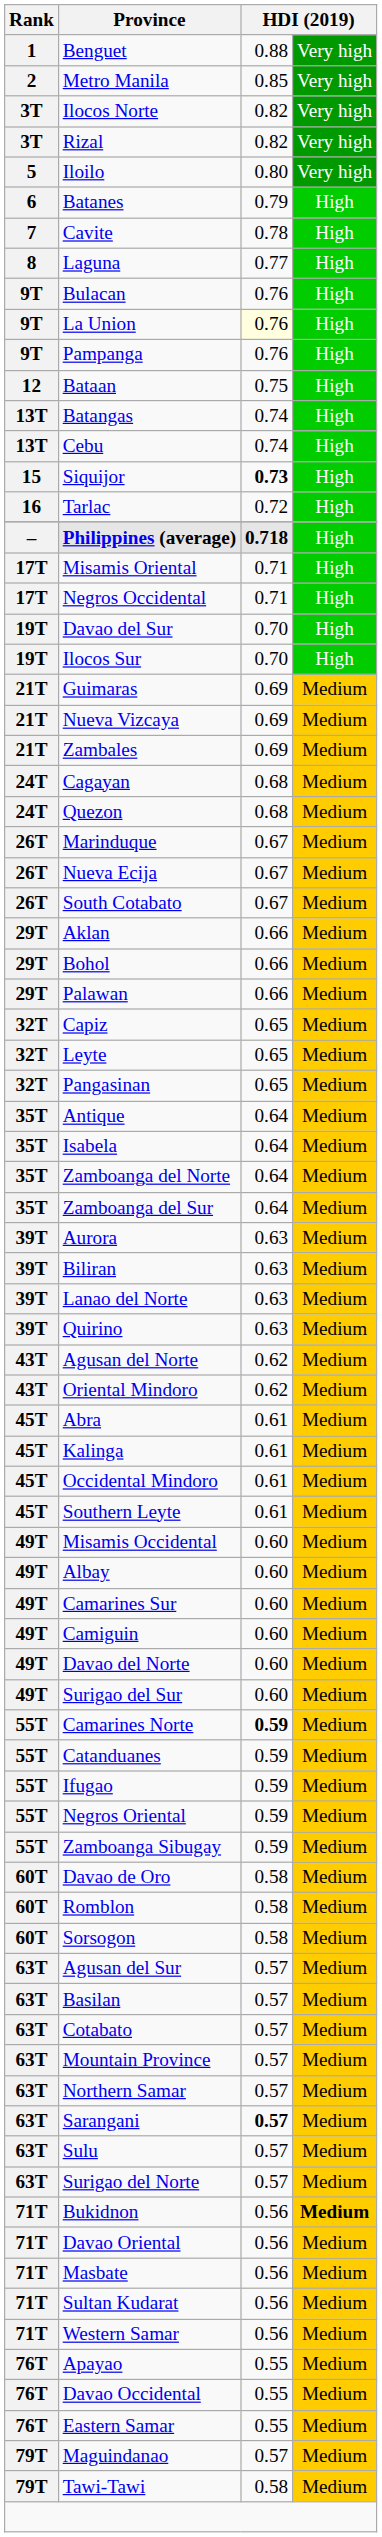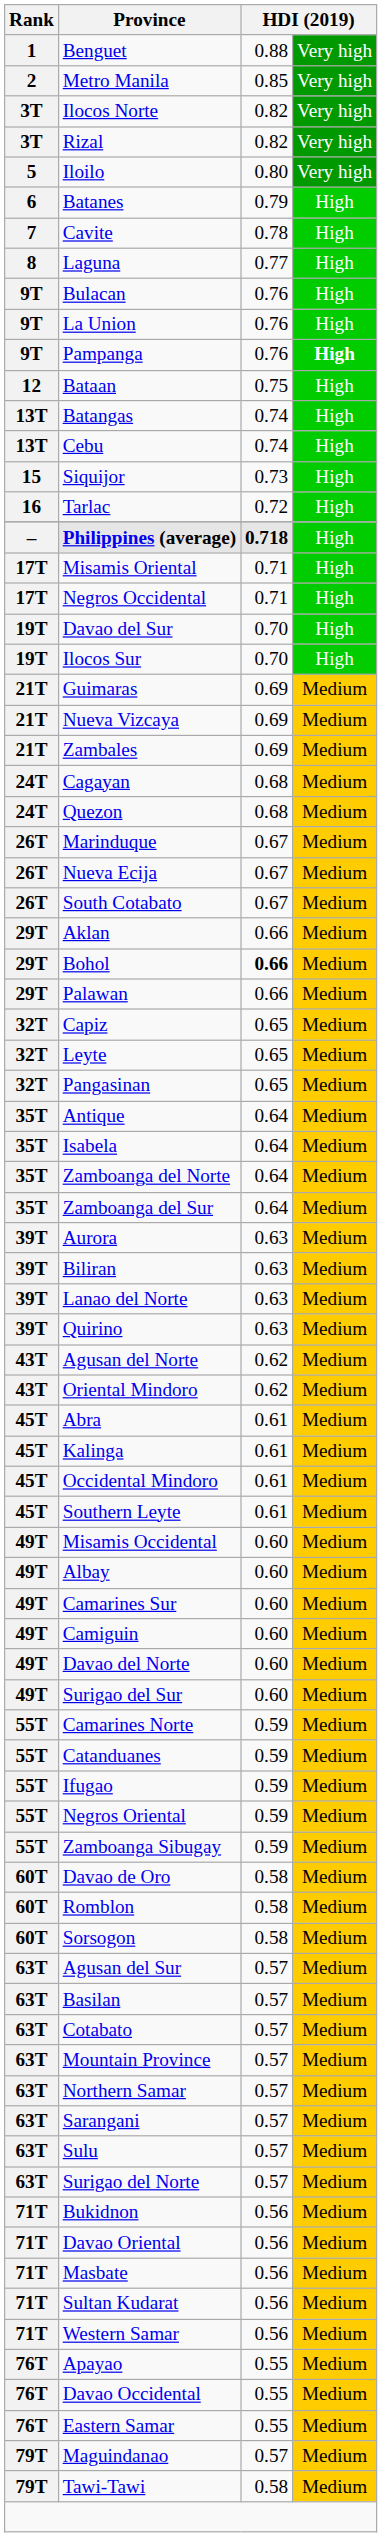 <table class="wikitable sortable mw-datatable">
 <tr>
 <th scope="col">Rank</th>
 <th scope="col">Province</th>
 <th scope="col" colspan="2">HDI (2019)</th>
 </tr>
 <tr>
 <th scope="row">1</th>
 <td><a href='#'>Benguet</a></td>
 <td style="text-align:right;">0.88</td>
 <td style="text-align:center; background-color:#090; color:#fff;">Very high</td>
 </tr>
 <tr>
 <th scope="row">2</th>
 <td><a href='#'>Metro Manila</a></td>
 <td style="text-align:right;">0.85</td>
 <td style="text-align:center; background-color:#090; color:#fff;">Very high</td>
 </tr>
 <tr>
 <th scope="row">3T</th>
 <td><a href='#'>Ilocos Norte</a></td>
 <td style="text-align:right;">0.82</td>
 <td style="text-align:center; background-color:#090; color:#fff;">Very high</td>
 </tr>
 <tr>
 <th scope="row">3T</th>
 <td><a href='#'>Rizal</a></td>
 <td style="text-align:right;">0.82</td>
 <td style="text-align:center; background-color:#090; color:#fff;">Very high</td>
 </tr>
 <tr>
 <th scope="row">5</th>
 <td><a href='#'>Iloilo</a></td>
 <td style="text-align:right;">0.80</td>
 <td style="text-align:center; background-color:#090; color:#fff;">Very high</td>
 </tr>
 <tr>
 <th scope="row">6</th>
 <td><a href='#'>Batanes</a></td>
 <td style="text-align:right;">0.79</td>
 <td style="text-align:center; background-color:#0c0; color:#fff;">High</td>
 </tr>
 <tr>
 <th scope="row">7</th>
 <td><a href='#'>Cavite</a></td>
 <td style="text-align:right;">0.78</td>
 <td style="text-align:center; background-color:#0c0; color:#fff;">High</td>
 </tr>
 <tr>
 <th scope="row">8</th>
 <td><a href='#'>Laguna</a></td>
 <td style="text-align:right;">0.77</td>
 <td style="text-align:center; background-color:#0c0; color:#fff;">High</td>
 </tr>
 <tr>
 <th scope="row">9T</th>
 <td><a href='#'>Bulacan</a></td>
 <td style="text-align:right;">0.76</td>
 <td style="text-align:center; background-color:#0c0; color:#fff;">High</td>
 </tr>
 <tr>
 <th scope="row">9T</th>
 <td><a href='#'>La Union</a></td>
-<td style="background: lightyellow; text-align:right;">0.76</td>
+<td style="text-align:right;">0.76</td>
 <td style="text-align:center; background-color:#0c0; color:#fff;">High</td>
 </tr>
 <tr>
 <th scope="row">9T</th>
 <td><a href='#'>Pampanga</a></td>
 <td style="text-align:right;">0.76</td>
-<td style="text-align:center; background-color:#0c0; color:#fff;">High</td>
+<td style="text-align:center; background-color:#0c0; color:#fff;"><strong>High</strong></td>
 </tr>
 <tr>
 <th scope="row">12</th>
 <td><a href='#'>Bataan</a></td>
 <td style="text-align:right;">0.75</td>
 <td style="text-align:center; background-color:#0c0; color:#fff;">High</td>
 </tr>
 <tr>
 <th scope="row">13T</th>
 <td><a href='#'>Batangas</a></td>
 <td style="text-align:right;">0.74</td>
 <td style="text-align:center; background-color:#0c0; color:#fff;">High</td>
 </tr>
 <tr>
 <th scope="row">13T</th>
 <td><a href='#'>Cebu</a></td>
 <td style="text-align:right;">0.74</td>
 <td style="text-align:center; background-color:#0c0; color:#fff;">High</td>
 </tr>
 <tr>
 <th scope="row">15</th>
 <td><a href='#'>Siquijor</a></td>
-<td style="text-align:right;"><strong>0.73</strong></td>
+<td style="text-align:right;">0.73</td>
 <td style="text-align:center; background-color:#0c0; color:#fff;">High</td>
 </tr>
 <tr>
 <th scope="row">16</th>
 <td><a href='#'>Tarlac</a></td>
 <td style="text-align:right;">0.72</td>
 <td style="text-align:center; background-color:#0c0; color:#fff;">High</td>
 </tr>
 <tr>
 </tr>
 <tr style="background:#e6e6e6">
 <th scope="row">–</th>
 <td><strong><a href='#'>Philippines</a> (average)</strong></td>
 <td><strong>0.718</strong></td>
 <td style="text-align:center; background-color:#0c0; color:#fff;">High</td>
 </tr>
 <tr>
 <th scope="row">17T</th>
 <td><a href='#'>Misamis Oriental</a></td>
 <td style="text-align:right;">0.71</td>
 <td style="text-align:center; background-color:#0c0; color:#fff;">High</td>
 </tr>
 <tr>
 <th scope="row">17T</th>
 <td><a href='#'>Negros Occidental</a></td>
 <td style="text-align:right;">0.71</td>
 <td style="text-align:center; background-color:#0c0; color:#fff;">High</td>
 </tr>
 <tr>
 <th scope="row">19T</th>
 <td><a href='#'>Davao del Sur</a></td>
 <td style="text-align:right;">0.70</td>
 <td style="text-align:center; background-color:#0c0; color:#fff;">High</td>
 </tr>
 <tr>
 <th scope="row">19T</th>
 <td><a href='#'>Ilocos Sur</a></td>
 <td style="text-align:right;">0.70</td>
 <td style="text-align:center; background-color:#0c0; color:#fff;">High</td>
 </tr>
 <tr>
 <th scope="row">21T</th>
 <td><a href='#'>Guimaras</a></td>
 <td style="text-align:right;">0.69</td>
 <td style="text-align:center; background-color:#fc0;">Medium</td>
 </tr>
 <tr>
 <th scope="row">21T</th>
 <td><a href='#'>Nueva Vizcaya</a></td>
 <td style="text-align:right;">0.69</td>
 <td style="text-align:center; background-color:#fc0;">Medium</td>
 </tr>
 <tr>
 <th scope="row">21T</th>
 <td><a href='#'>Zambales</a></td>
 <td style="text-align:right;">0.69</td>
 <td style="text-align:center; background-color:#fc0;">Medium</td>
 </tr>
 <tr>
 <th scope="row">24T</th>
 <td><a href='#'>Cagayan</a></td>
 <td style="text-align:right;">0.68</td>
 <td style="text-align:center; background-color:#fc0;">Medium</td>
 </tr>
 <tr>
 <th scope="row">24T</th>
 <td><a href='#'>Quezon</a></td>
 <td style="text-align:right;">0.68</td>
 <td style="text-align:center; background-color:#fc0;">Medium</td>
 </tr>
 <tr>
 <th scope="row">26T</th>
 <td><a href='#'>Marinduque</a></td>
 <td style="text-align:right;">0.67</td>
 <td style="text-align:center; background-color:#fc0;">Medium</td>
 </tr>
 <tr>
 <th scope="row">26T</th>
 <td><a href='#'>Nueva Ecija</a></td>
 <td style="text-align:right;">0.67</td>
 <td style="text-align:center; background-color:#fc0;">Medium</td>
 </tr>
 <tr>
 <th scope="row">26T</th>
 <td><a href='#'>South Cotabato</a></td>
 <td style="text-align:right;">0.67</td>
 <td style="text-align:center; background-color:#fc0;">Medium</td>
 </tr>
 <tr>
 <th scope="row">29T</th>
 <td><a href='#'>Aklan</a></td>
 <td style="text-align:right;">0.66</td>
 <td style="text-align:center; background-color:#fc0;">Medium</td>
 </tr>
 <tr>
 <th scope="row">29T</th>
 <td><a href='#'>Bohol</a></td>
-<td style="text-align:right;">0.66</td>
+<td style="text-align:right;"><strong>0.66</strong></td>
 <td style="text-align:center; background-color:#fc0;">Medium</td>
 </tr>
 <tr>
 <th scope="row">29T</th>
 <td><a href='#'>Palawan</a></td>
 <td style="text-align:right;">0.66</td>
 <td style="text-align:center; background-color:#fc0;">Medium</td>
 </tr>
 <tr>
 <th scope="row">32T</th>
 <td><a href='#'>Capiz</a></td>
 <td style="text-align:right;">0.65</td>
 <td style="text-align:center; background-color:#fc0;">Medium</td>
 </tr>
 <tr>
 <th scope="row">32T</th>
 <td><a href='#'>Leyte</a></td>
 <td style="text-align:right;">0.65</td>
 <td style="text-align:center; background-color:#fc0;">Medium</td>
 </tr>
 <tr>
 <th scope="row">32T</th>
 <td><a href='#'>Pangasinan</a></td>
 <td style="text-align:right;">0.65</td>
 <td style="text-align:center; background-color:#fc0;">Medium</td>
 </tr>
 <tr>
 <th scope="row">35T</th>
 <td><a href='#'>Antique</a></td>
 <td style="text-align:right;">0.64</td>
 <td style="text-align:center; background-color:#fc0;">Medium</td>
 </tr>
 <tr>
 <th scope="row">35T</th>
 <td><a href='#'>Isabela</a></td>
 <td style="text-align:right;">0.64</td>
 <td style="text-align:center; background-color:#fc0;">Medium</td>
 </tr>
 <tr>
 <th scope="row">35T</th>
 <td><a href='#'>Zamboanga del Norte</a></td>
 <td style="text-align:right;">0.64</td>
 <td style="text-align:center; background-color:#fc0;">Medium</td>
 </tr>
 <tr>
 <th scope="row">35T</th>
 <td><a href='#'>Zamboanga del Sur</a></td>
 <td style="text-align:right;">0.64</td>
 <td style="text-align:center; background-color:#fc0;">Medium</td>
 </tr>
 <tr>
 <th scope="row">39T</th>
 <td><a href='#'>Aurora</a></td>
 <td style="text-align:right;">0.63</td>
 <td style="text-align:center; background-color:#fc0;">Medium</td>
 </tr>
 <tr>
 <th scope="row">39T</th>
 <td><a href='#'>Biliran</a></td>
 <td style="text-align:right;">0.63</td>
 <td style="text-align:center; background-color:#fc0;">Medium</td>
 </tr>
 <tr>
 <th scope="row">39T</th>
 <td><a href='#'>Lanao del Norte</a></td>
 <td style="text-align:right;">0.63</td>
 <td style="text-align:center; background-color:#fc0;">Medium</td>
 </tr>
 <tr>
 <th scope="row">39T</th>
 <td><a href='#'>Quirino</a></td>
 <td style="text-align:right;">0.63</td>
 <td style="text-align:center; background-color:#fc0;">Medium</td>
 </tr>
 <tr>
 <th scope="row">43T</th>
 <td><a href='#'>Agusan del Norte</a></td>
 <td style="text-align:right;">0.62</td>
 <td style="text-align:center; background-color:#fc0;">Medium</td>
 </tr>
 <tr>
 <th scope="row">43T</th>
 <td><a href='#'>Oriental Mindoro</a></td>
 <td style="text-align:right;">0.62</td>
 <td style="text-align:center; background-color:#fc0;">Medium</td>
 </tr>
 <tr>
 <th scope="row">45T</th>
 <td><a href='#'>Abra</a></td>
 <td style="text-align:right;">0.61</td>
 <td style="text-align:center; background-color:#fc0;">Medium</td>
 </tr>
 <tr>
 <th scope="row">45T</th>
 <td><a href='#'>Kalinga</a></td>
 <td style="text-align:right;">0.61</td>
 <td style="text-align:center; background-color:#fc0;">Medium</td>
 </tr>
 <tr>
 <th scope="row">45T</th>
 <td><a href='#'>Occidental Mindoro</a></td>
 <td style="text-align:right;">0.61</td>
 <td style="text-align:center; background-color:#fc0;">Medium</td>
 </tr>
 <tr>
 <th scope="row">45T</th>
 <td><a href='#'>Southern Leyte</a></td>
 <td style="text-align:right;">0.61</td>
 <td style="text-align:center; background-color:#fc0;">Medium</td>
 </tr>
 <tr>
 <th scope="row">49T</th>
 <td><a href='#'>Misamis Occidental</a></td>
 <td style="text-align:right;">0.60</td>
 <td style="text-align:center; background-color:#fc0;">Medium</td>
 </tr>
 <tr>
 <th scope="row">49T</th>
 <td><a href='#'>Albay</a></td>
 <td style="text-align:right;">0.60</td>
 <td style="text-align:center; background-color:#fc0;">Medium</td>
 </tr>
 <tr>
 <th scope="row">49T</th>
 <td><a href='#'>Camarines Sur</a></td>
 <td style="text-align:right;">0.60</td>
 <td style="text-align:center; background-color:#fc0;">Medium</td>
 </tr>
 <tr>
 <th scope="row">49T</th>
 <td><a href='#'>Camiguin</a></td>
 <td style="text-align:right;">0.60</td>
 <td style="text-align:center; background-color:#fc0;">Medium</td>
 </tr>
 <tr>
 <th scope="row">49T</th>
 <td><a href='#'>Davao del Norte</a></td>
 <td style="text-align:right;">0.60</td>
 <td style="text-align:center; background-color:#fc0;">Medium</td>
 </tr>
 <tr>
 <th scope="row">49T</th>
 <td><a href='#'>Surigao del Sur</a></td>
 <td style="text-align:right;">0.60</td>
 <td style="text-align:center; background-color:#fc0;">Medium</td>
 </tr>
 <tr>
 <th scope="row">55T</th>
 <td><a href='#'>Camarines Norte</a></td>
-<td style="text-align:right;"><strong>0.59</strong></td>
+<td style="text-align:right;">0.59</td>
 <td style="text-align:center; background-color:#fc0;">Medium</td>
 </tr>
 <tr>
 <th scope="row">55T</th>
 <td><a href='#'>Catanduanes</a></td>
 <td style="text-align:right;">0.59</td>
 <td style="text-align:center; background-color:#fc0;">Medium</td>
 </tr>
 <tr>
 <th scope="row">55T</th>
 <td><a href='#'>Ifugao</a></td>
 <td style="text-align:right;">0.59</td>
 <td style="text-align:center; background-color:#fc0;">Medium</td>
 </tr>
 <tr>
 <th scope="row">55T</th>
 <td><a href='#'>Negros Oriental</a></td>
 <td style="text-align:right;">0.59</td>
 <td style="text-align:center; background-color:#fc0;">Medium</td>
 </tr>
 <tr>
 <th scope="row">55T</th>
 <td><a href='#'>Zamboanga Sibugay</a></td>
 <td style="text-align:right;">0.59</td>
 <td style="text-align:center; background-color:#fc0;">Medium</td>
 </tr>
 <tr>
 <th scope="row">60T</th>
 <td><a href='#'>Davao de Oro</a></td>
 <td style="text-align:right;">0.58</td>
 <td style="text-align:center; background-color:#fc0;">Medium</td>
 </tr>
 <tr>
 <th scope="row">60T</th>
 <td><a href='#'>Romblon</a></td>
 <td style="text-align:right;">0.58</td>
 <td style="text-align:center; background-color:#fc0;">Medium</td>
 </tr>
 <tr>
 <th scope="row">60T</th>
 <td><a href='#'>Sorsogon</a></td>
 <td style="text-align:right;">0.58</td>
 <td style="text-align:center; background-color:#fc0;">Medium</td>
 </tr>
 <tr>
 <th scope="row">63T</th>
 <td><a href='#'>Agusan del Sur</a></td>
 <td style="text-align:right;">0.57</td>
 <td style="text-align:center; background-color:#fc0;">Medium</td>
 </tr>
 <tr>
 <th scope="row">63T</th>
 <td><a href='#'>Basilan</a></td>
 <td style="text-align:right;">0.57</td>
 <td style="text-align:center; background-color:#fc0;">Medium</td>
 </tr>
 <tr>
 <th scope="row">63T</th>
 <td><a href='#'>Cotabato</a></td>
 <td style="text-align:right;">0.57</td>
 <td style="text-align:center; background-color:#fc0;">Medium</td>
 </tr>
 <tr>
 <th scope="row">63T</th>
 <td><a href='#'>Mountain Province</a></td>
 <td style="text-align:right;">0.57</td>
 <td style="text-align:center; background-color:#fc0;">Medium</td>
 </tr>
 <tr>
 <th scope="row">63T</th>
 <td><a href='#'>Northern Samar</a></td>
 <td style="text-align:right;">0.57</td>
 <td style="text-align:center; background-color:#fc0;">Medium</td>
 </tr>
 <tr>
 <th scope="row">63T</th>
 <td><a href='#'>Sarangani</a></td>
-<td style="text-align:right;"><strong>0.57</strong></td>
+<td style="text-align:right;">0.57</td>
 <td style="text-align:center; background-color:#fc0;">Medium</td>
 </tr>
 <tr>
 <th scope="row">63T</th>
 <td><a href='#'>Sulu</a></td>
 <td style="text-align:right;">0.57</td>
 <td style="text-align:center; background-color:#fc0;">Medium</td>
 </tr>
 <tr>
 <th scope="row">63T</th>
 <td><a href='#'>Surigao del Norte</a></td>
 <td style="text-align:right;">0.57</td>
 <td style="text-align:center; background-color:#fc0;">Medium</td>
 </tr>
 <tr>
 <th scope="row">71T</th>
 <td><a href='#'>Bukidnon</a></td>
 <td style="text-align:right;">0.56</td>
-<td style="text-align:center; background-color:#fc0;"><strong>Medium</strong></td>
+<td style="text-align:center; background-color:#fc0;">Medium</td>
 </tr>
 <tr>
 <th scope="row">71T</th>
 <td><a href='#'>Davao Oriental</a></td>
 <td style="text-align:right;">0.56</td>
 <td style="text-align:center; background-color:#fc0;">Medium</td>
 </tr>
 <tr>
 <th scope="row">71T</th>
 <td><a href='#'>Masbate</a></td>
 <td style="text-align:right;">0.56</td>
 <td style="text-align:center; background-color:#fc0;">Medium</td>
 </tr>
 <tr>
 <th scope="row">71T</th>
 <td><a href='#'>Sultan Kudarat</a></td>
 <td style="text-align:right;">0.56</td>
 <td style="text-align:center; background-color:#fc0;">Medium</td>
 </tr>
 <tr>
 <th scope="row">71T</th>
 <td><a href='#'>Western Samar</a></td>
 <td style="text-align:right;">0.56</td>
 <td style="text-align:center; background-color:#fc0;">Medium</td>
 </tr>
 <tr>
 <th scope="row">76T</th>
 <td><a href='#'>Apayao</a></td>
 <td style="text-align:right;">0.55</td>
 <td style="text-align:center; background-color:#fc0;">Medium</td>
 </tr>
 <tr>
 <th scope="row">76T</th>
 <td><a href='#'>Davao Occidental</a></td>
 <td style="text-align:right;">0.55</td>
 <td style="text-align:center; background-color:#fc0;">Medium</td>
 </tr>
 <tr>
 <th scope="row">76T</th>
 <td><a href='#'>Eastern Samar</a></td>
 <td style="text-align:right;">0.55</td>
 <td style="text-align:center; background-color:#fc0;">Medium</td>
 </tr>
 <tr>
 <th scope="row">79T</th>
 <td><a href='#'>Maguindanao</a></td>
 <td style="text-align:right;">0.57</td>
 <td style="text-align:center; background-color:#fc0;">Medium</td>
 </tr>
 <tr>
 <th scope="row">79T</th>
 <td><a href='#'>Tawi-Tawi</a></td>
 <td style="text-align:right;">0.58</td>
 <td style="text-align:center; background-color:#fc0;">Medium</td>
 </tr>
 <tr class="sortbottom">
 <td colspan="4"><br></td>
 </tr>
 </table>
